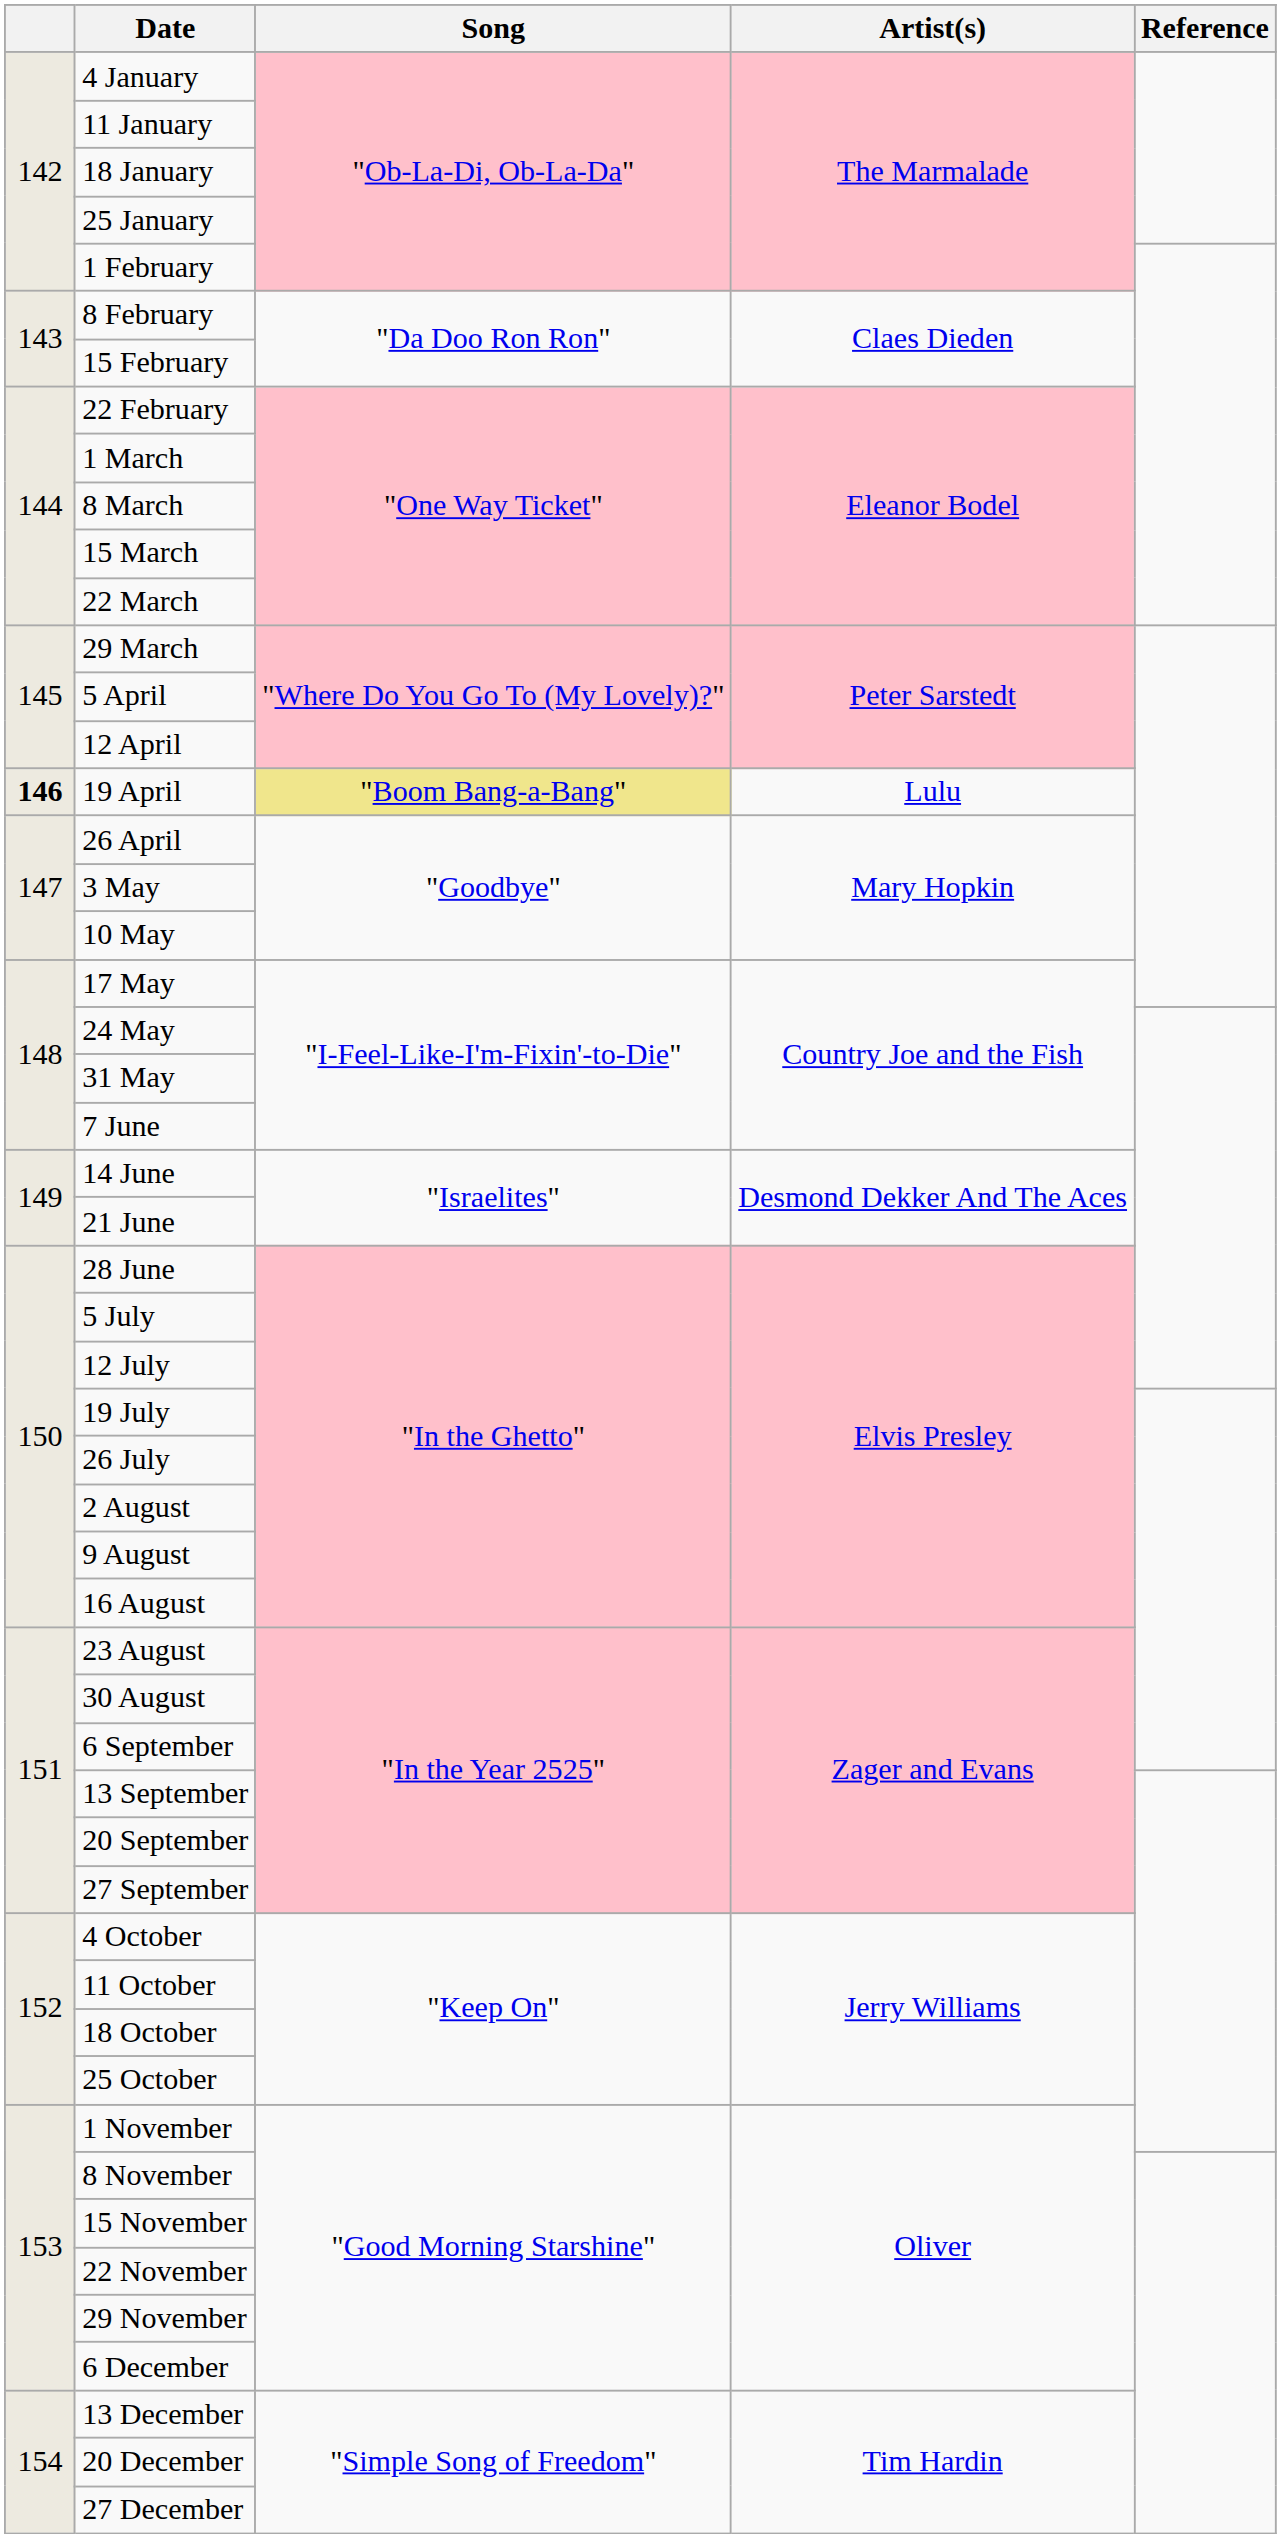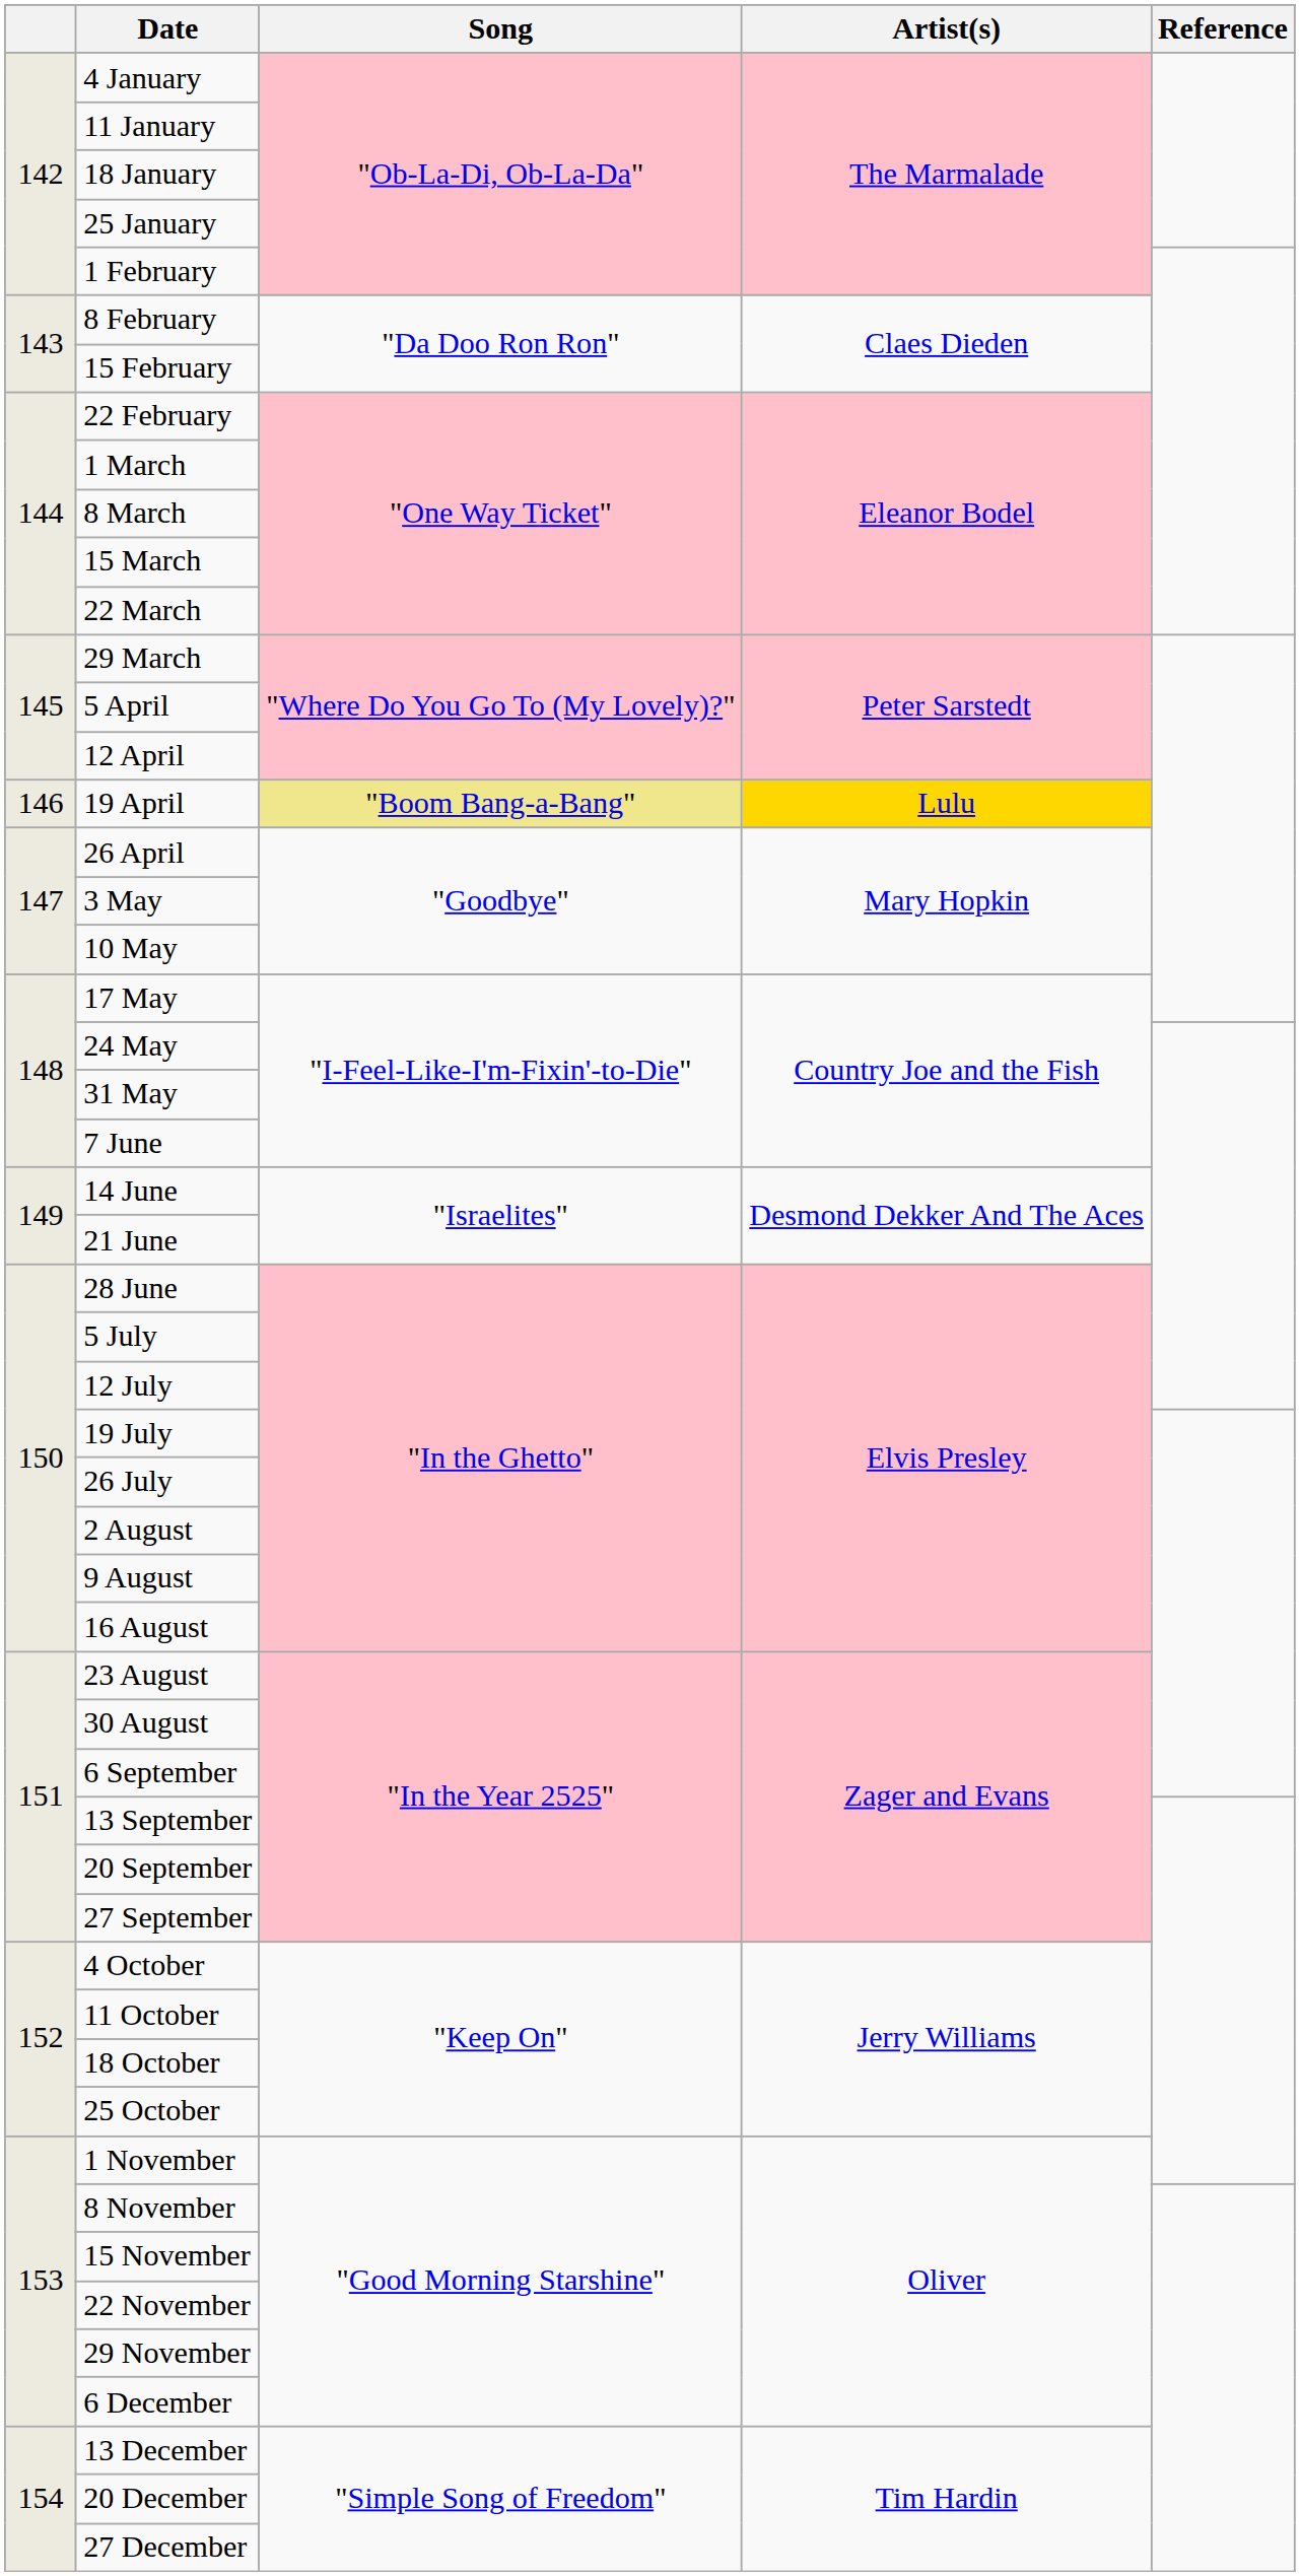 <table class="wikitable">
 <tr>
 <th width="30"></th>
 <th>Date</th>
 <th>Song</th>
 <th>Artist(s)</th>
 <th>Reference</th>
 </tr>
 <tr>
 <td rowspan="5" bgcolor="#EDEAE0" align="center">142</td>
 <td>4 January</td>
 <td rowspan="5" align="center" bgcolor="pink">"<a href='#'>Ob-La-Di, Ob-La-Da</a>"</td>
 <td rowspan="5" align="center" bgcolor="pink"><a href='#'>The Marmalade</a></td>
 <td rowspan="4" align="center"></td>
 </tr>
 <tr>
 <td>11 January</td>
 </tr>
 <tr>
 <td>18 January</td>
 </tr>
 <tr>
 <td>25 January</td>
 </tr>
 <tr>
 <td>1 February</td>
 <td rowspan="8" align="center"></td>
 </tr>
 <tr>
 <td rowspan="2" bgcolor="#EDEAE0" align="center">143</td>
 <td>8 February</td>
 <td rowspan="2" align="center">"<a href='#'>Da Doo Ron Ron</a>"</td>
 <td rowspan="2" align="center"><a href='#'>Claes Dieden</a></td>
 </tr>
 <tr>
 <td>15 February</td>
 </tr>
 <tr>
 <td rowspan="5" bgcolor="#EDEAE0" align="center">144</td>
 <td>22 February</td>
 <td rowspan="5" align="center" bgcolor="pink">"<a href='#'>One Way Ticket</a>"</td>
 <td rowspan="5" align="center" bgcolor="pink"><a href='#'>Eleanor Bodel</a></td>
 </tr>
 <tr>
 <td>1 March</td>
 </tr>
 <tr>
 <td>8 March</td>
 </tr>
 <tr>
 <td>15 March</td>
 </tr>
 <tr>
 <td>22 March</td>
 </tr>
 <tr>
 <td rowspan="3" bgcolor="#EDEAE0" align="center">145</td>
 <td>29 March</td>
 <td rowspan="3" align="center" bgcolor="pink">"<a href='#'>Where Do You Go To (My Lovely)?</a>"</td>
 <td rowspan="3" align="center" bgcolor="pink"><a href='#'>Peter Sarstedt</a></td>
 <td rowspan="8" align="center"></td>
 </tr>
 <tr>
 <td>5 April</td>
 </tr>
 <tr>
 <td>12 April</td>
 </tr>
 <tr>
-<td bgcolor="#EDEAE0" align="center"><strong>146</strong></td>
+<td bgcolor="#EDEAE0" align="center">146</td>
 <td>19 April</td>
 <td align="center" style="background: khaki;">"<a href='#'>Boom Bang-a-Bang</a>"</td>
-<td align="center"><a href='#'>Lulu</a></td>
+<td align="center" style="background: gold;"><a href='#'>Lulu</a></td>
 </tr>
 <tr>
 <td rowspan="3" bgcolor="#EDEAE0" align="center">147</td>
 <td>26 April</td>
 <td rowspan="3" align="center">"<a href='#'>Goodbye</a>"</td>
 <td rowspan="3" align="center"><a href='#'>Mary Hopkin</a></td>
 </tr>
 <tr>
 <td>3 May</td>
 </tr>
 <tr>
 <td>10 May</td>
 </tr>
 <tr>
 <td rowspan="4" bgcolor="#EDEAE0" align="center">148</td>
 <td>17 May</td>
 <td rowspan="4" align="center">"<a href='#'>I-Feel-Like-I'm-Fixin'-to-Die</a>"</td>
 <td rowspan="4" align="center"><a href='#'>Country Joe and the Fish</a></td>
 </tr>
 <tr>
 <td>24 May</td>
 <td rowspan="8" align="center"></td>
 </tr>
 <tr>
 <td>31 May</td>
 </tr>
 <tr>
 <td>7 June</td>
 </tr>
 <tr>
 <td rowspan="2" bgcolor="#EDEAE0" align="center">149</td>
 <td>14 June</td>
 <td rowspan="2" align="center">"<a href='#'>Israelites</a>"</td>
 <td rowspan="2" align="center"><a href='#'>Desmond Dekker And The Aces</a></td>
 </tr>
 <tr>
 <td>21 June</td>
 </tr>
 <tr>
 <td rowspan="8" bgcolor="#EDEAE0" align="center">150</td>
 <td>28 June</td>
 <td rowspan="8" align="center" bgcolor="pink">"<a href='#'>In the Ghetto</a>"</td>
 <td rowspan="8" align="center" bgcolor="pink"><a href='#'>Elvis Presley</a></td>
 </tr>
 <tr>
 <td>5 July</td>
 </tr>
 <tr>
 <td>12 July</td>
 </tr>
 <tr>
 <td>19 July</td>
 <td rowspan="8" align="center"></td>
 </tr>
 <tr>
 <td>26 July</td>
 </tr>
 <tr>
 <td>2 August</td>
 </tr>
 <tr>
 <td>9 August</td>
 </tr>
 <tr>
 <td>16 August</td>
 </tr>
 <tr>
 <td rowspan="6" bgcolor="#EDEAE0" align="center">151</td>
 <td>23 August</td>
 <td rowspan="6" align="center" bgcolor="pink">"<a href='#'>In the Year 2525</a>"</td>
 <td rowspan="6" align="center" bgcolor="pink"><a href='#'>Zager and Evans</a></td>
 </tr>
 <tr>
 <td>30 August</td>
 </tr>
 <tr>
 <td>6 September</td>
 </tr>
 <tr>
 <td>13 September</td>
 <td rowspan="8" align="center"></td>
 </tr>
 <tr>
 <td>20 September</td>
 </tr>
 <tr>
 <td>27 September</td>
 </tr>
 <tr>
 <td rowspan="4" bgcolor="#EDEAE0" align="center">152</td>
 <td>4 October</td>
 <td rowspan="4" align="center">"<a href='#'>Keep On</a>"</td>
 <td rowspan="4" align="center"><a href='#'>Jerry Williams</a></td>
 </tr>
 <tr>
 <td>11 October</td>
 </tr>
 <tr>
 <td>18 October</td>
 </tr>
 <tr>
 <td>25 October</td>
 </tr>
 <tr>
 <td rowspan="6" bgcolor="#EDEAE0" align="center">153</td>
 <td>1 November</td>
 <td rowspan="6" align="center">"<a href='#'>Good Morning Starshine</a>"</td>
 <td rowspan="6" align="center"><a href='#'>Oliver</a></td>
 </tr>
 <tr>
 <td>8 November</td>
 <td rowspan="8" align="center"></td>
 </tr>
 <tr>
 <td>15 November</td>
 </tr>
 <tr>
 <td>22 November</td>
 </tr>
 <tr>
 <td>29 November</td>
 </tr>
 <tr>
 <td>6 December</td>
 </tr>
 <tr>
 <td rowspan="3" bgcolor="#EDEAE0" align="center">154</td>
 <td>13 December</td>
 <td rowspan="3" align="center">"<a href='#'>Simple Song of Freedom</a>"</td>
 <td rowspan="3" align="center"><a href='#'>Tim Hardin</a></td>
 </tr>
 <tr>
 <td>20 December</td>
 </tr>
 <tr>
 <td>27 December</td>
 </tr>
 </table>
